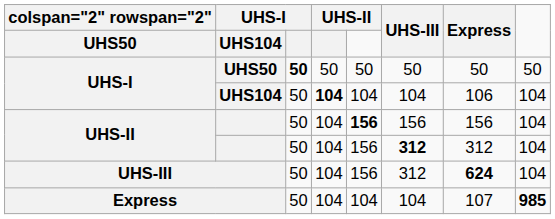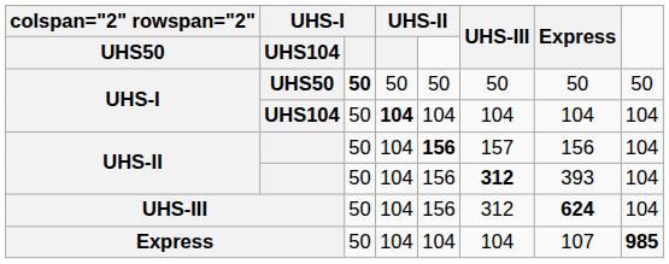 <table class="wikitable collapsible collapsed" style="text-align: center;">
 <tr>
 <th>colspan="2" rowspan="2" </th>
 <th colspan="2">UHS-I</th>
 <th colspan="2">UHS-II</th>
 <th rowspan="2">UHS-III</th>
 <th rowspan="2">Express</th>
 </tr>
 <tr>
 <th>UHS50</th>
 <th>UHS104</th>
 <th></th>
 <th></th>
 </tr>
 <tr>
 <th rowspan="2">UHS-I</th>
 <th>UHS50</th>
 <td><strong>50</strong></td>
 <td>50</td>
 <td>50</td>
 <td>50</td>
 <td>50</td>
 <td>50</td>
 </tr>
 <tr>
 <th>UHS104</th>
 <td>50</td>
 <td><strong>104</strong></td>
 <td>104</td>
 <td>104</td>
-<td>106</td>
+<td>104</td>
 <td>104</td>
 </tr>
 <tr>
 <th rowspan="2">UHS-II</th>
 <th></th>
 <td>50</td>
 <td>104</td>
 <td><strong>156</strong></td>
-<td>156</td>
+<td>157</td>
 <td>156</td>
 <td>104</td>
 </tr>
 <tr>
 <th></th>
 <td>50</td>
 <td>104</td>
 <td>156</td>
 <td><strong>312</strong></td>
-<td>312</td>
+<td>393</td>
 <td>104</td>
 </tr>
 <tr>
 <th colspan="2">UHS-III</th>
 <td>50</td>
 <td>104</td>
 <td>156</td>
 <td>312</td>
 <td><strong>624</strong></td>
 <td>104</td>
 </tr>
 <tr>
 <th colspan="2">Express</th>
 <td>50</td>
 <td>104</td>
 <td>104</td>
 <td>104</td>
 <td>107</td>
 <td><strong>985</strong></td>
 </tr>
 </table>
